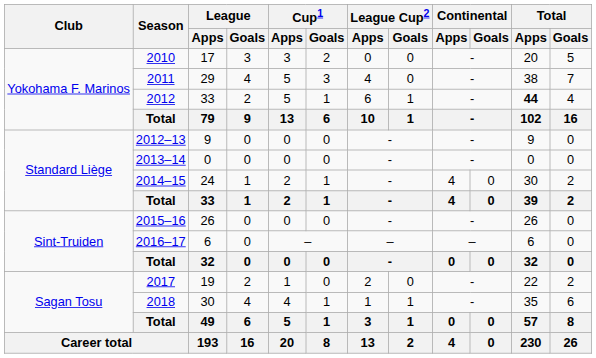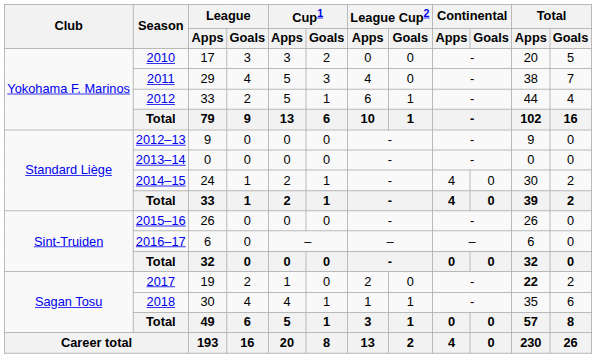 <table class="wikitable" style="text-align:center;">
 <tr>
 <th rowspan="2">Club</th>
 <th rowspan="2">Season</th>
 <th colspan="2">League</th>
 <th colspan="2">Cup<sup><a href='#'>1</a></sup></th>
 <th colspan="2">League Cup<sup><a href='#'>2</a></sup></th>
 <th colspan="2">Continental</th>
 <th colspan="2">Total</th>
 </tr>
 <tr>
 <th>Apps</th>
 <th>Goals</th>
 <th>Apps</th>
 <th>Goals</th>
 <th>Apps</th>
 <th>Goals</th>
 <th>Apps</th>
 <th>Goals</th>
 <th>Apps</th>
 <th>Goals</th>
 </tr>
 <tr>
 <td rowspan="4"><a href='#'>Yokohama F. Marinos</a></td>
 <td><a href='#'>2010</a></td>
 <td>17</td>
 <td>3</td>
 <td>3</td>
 <td>2</td>
 <td>0</td>
 <td>0</td>
 <td colspan="2">-</td>
 <td>20</td>
 <td>5</td>
 </tr>
 <tr>
 <td><a href='#'>2011</a></td>
 <td>29</td>
 <td>4</td>
 <td>5</td>
 <td>3</td>
 <td>4</td>
 <td>0</td>
 <td colspan="2">-</td>
 <td>38</td>
 <td>7</td>
 </tr>
 <tr>
 <td><a href='#'>2012</a></td>
 <td>33</td>
 <td>2</td>
 <td>5</td>
 <td>1</td>
 <td>6</td>
 <td>1</td>
 <td colspan="2">-</td>
-<td><strong>44</strong></td>
+<td>44</td>
 <td>4</td>
 </tr>
 <tr>
 <th colspan="1">Total</th>
 <th>79</th>
 <th>9</th>
 <th>13</th>
 <th>6</th>
 <th>10</th>
 <th>1</th>
 <th colspan="2">-</th>
 <th>102</th>
 <th>16</th>
 </tr>
 <tr>
 <td rowspan="4"><a href='#'>Standard Liège</a></td>
 <td><a href='#'>2012–13</a></td>
 <td>9</td>
 <td>0</td>
 <td>0</td>
 <td>0</td>
 <td colspan="2">-</td>
 <td colspan="2">-</td>
 <td>9</td>
 <td>0</td>
 </tr>
 <tr>
 <td><a href='#'>2013–14</a></td>
 <td>0</td>
 <td>0</td>
 <td>0</td>
 <td>0</td>
 <td colspan="2">-</td>
 <td colspan="2">-</td>
 <td>0</td>
 <td>0</td>
 </tr>
 <tr>
 <td><a href='#'>2014–15</a></td>
 <td>24</td>
 <td>1</td>
 <td>2</td>
 <td>1</td>
 <td colspan="2">-</td>
 <td>4</td>
 <td>0</td>
 <td>30</td>
 <td>2</td>
 </tr>
 <tr>
 <th colspan="1">Total</th>
 <th>33</th>
 <th>1</th>
 <th>2</th>
 <th>1</th>
 <th colspan="2">-</th>
 <th>4</th>
 <th>0</th>
 <th>39</th>
 <th>2</th>
 </tr>
 <tr>
 <td rowspan="3"><a href='#'>Sint-Truiden</a></td>
 <td><a href='#'>2015–16</a></td>
 <td>26</td>
 <td>0</td>
 <td>0</td>
 <td>0</td>
 <td colspan="2">-</td>
 <td colspan="2">-</td>
 <td>26</td>
 <td>0</td>
 </tr>
 <tr>
 <td><a href='#'>2016–17</a></td>
 <td>6</td>
 <td>0</td>
 <td colspan="2">–</td>
 <td colspan="2">–</td>
 <td colspan="2">–</td>
 <td>6</td>
 <td>0</td>
 </tr>
 <tr>
 <th colspan="1">Total</th>
 <th>32</th>
 <th>0</th>
 <th>0</th>
 <th>0</th>
 <th colspan="2">-</th>
 <th>0</th>
 <th>0</th>
 <th>32</th>
 <th>0</th>
 </tr>
 <tr>
 <td rowspan="3"><a href='#'>Sagan Tosu</a></td>
 <td><a href='#'>2017</a></td>
 <td>19</td>
 <td>2</td>
 <td>1</td>
 <td>0</td>
 <td>2</td>
 <td>0</td>
 <td colspan="2">-</td>
-<td>22</td>
+<td><strong>22</strong></td>
 <td>2</td>
 </tr>
 <tr>
 <td><a href='#'>2018</a></td>
 <td>30</td>
 <td>4</td>
 <td>4</td>
 <td>1</td>
 <td>1</td>
 <td>1</td>
 <td colspan="2">-</td>
 <td>35</td>
 <td>6</td>
 </tr>
 <tr>
 <th colspan="1">Total</th>
 <th>49</th>
 <th>6</th>
 <th>5</th>
 <th>1</th>
 <th>3</th>
 <th>1</th>
 <th>0</th>
 <th>0</th>
 <th>57</th>
 <th>8</th>
 </tr>
 <tr>
 <th colspan="2">Career total</th>
 <th>193</th>
 <th>16</th>
 <th>20</th>
 <th>8</th>
 <th>13</th>
 <th>2</th>
 <th>4</th>
 <th>0</th>
 <th>230</th>
 <th>26</th>
 </tr>
 </table>
